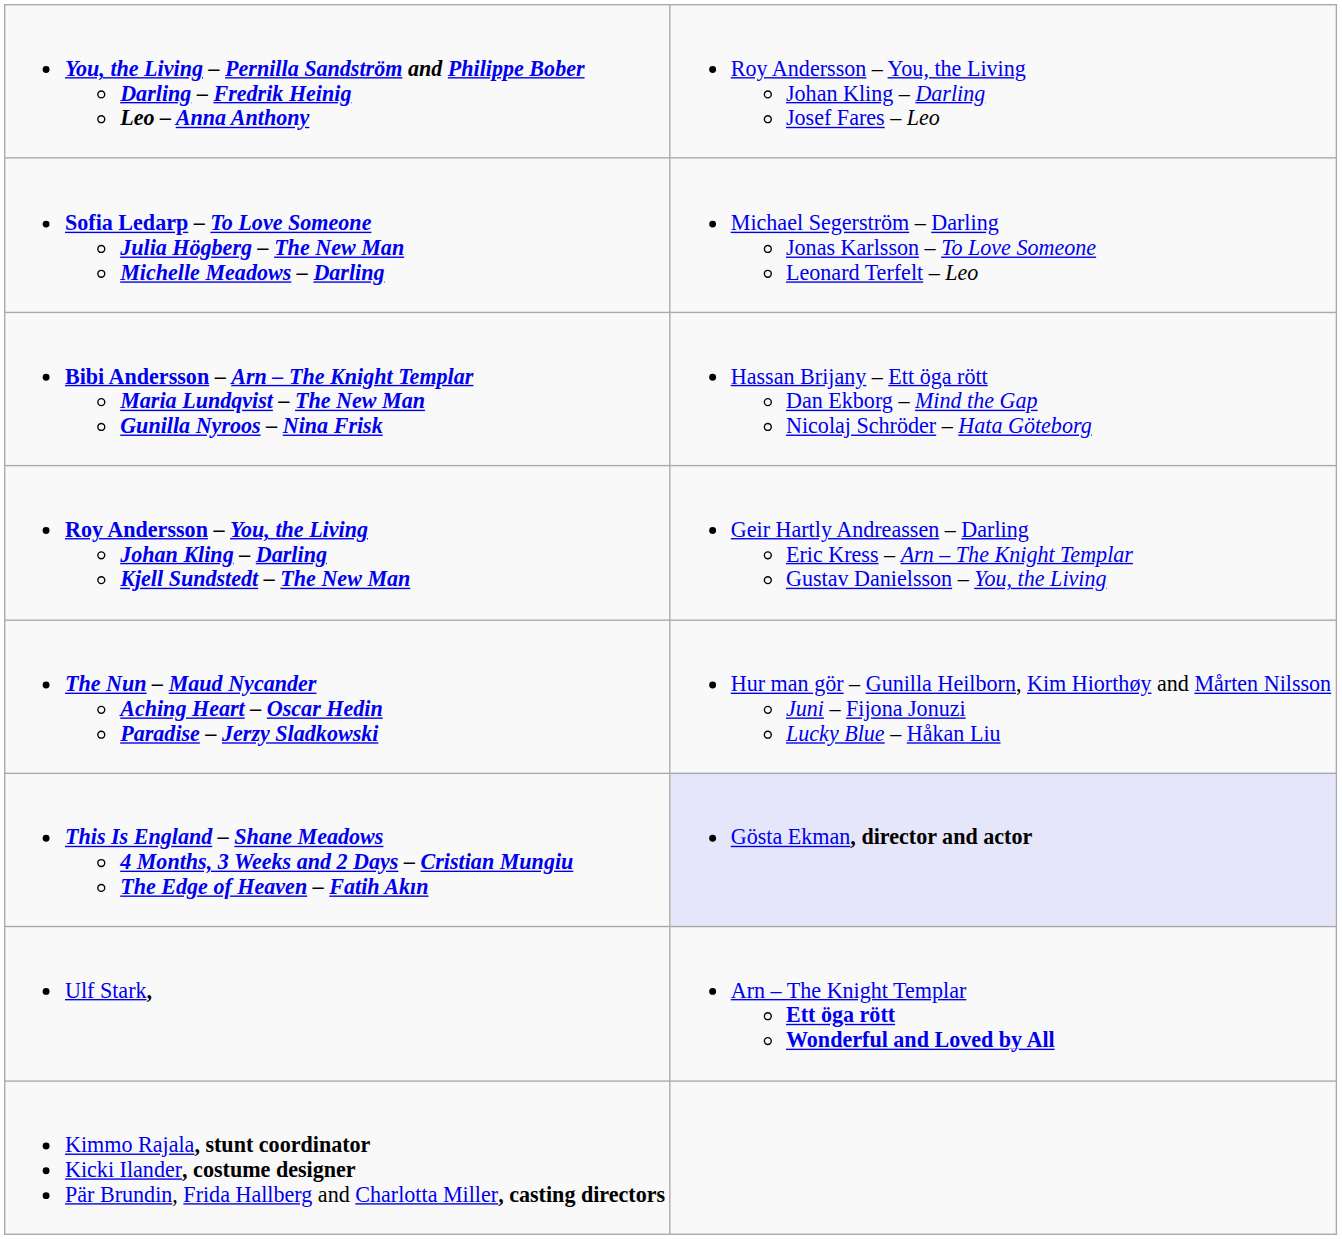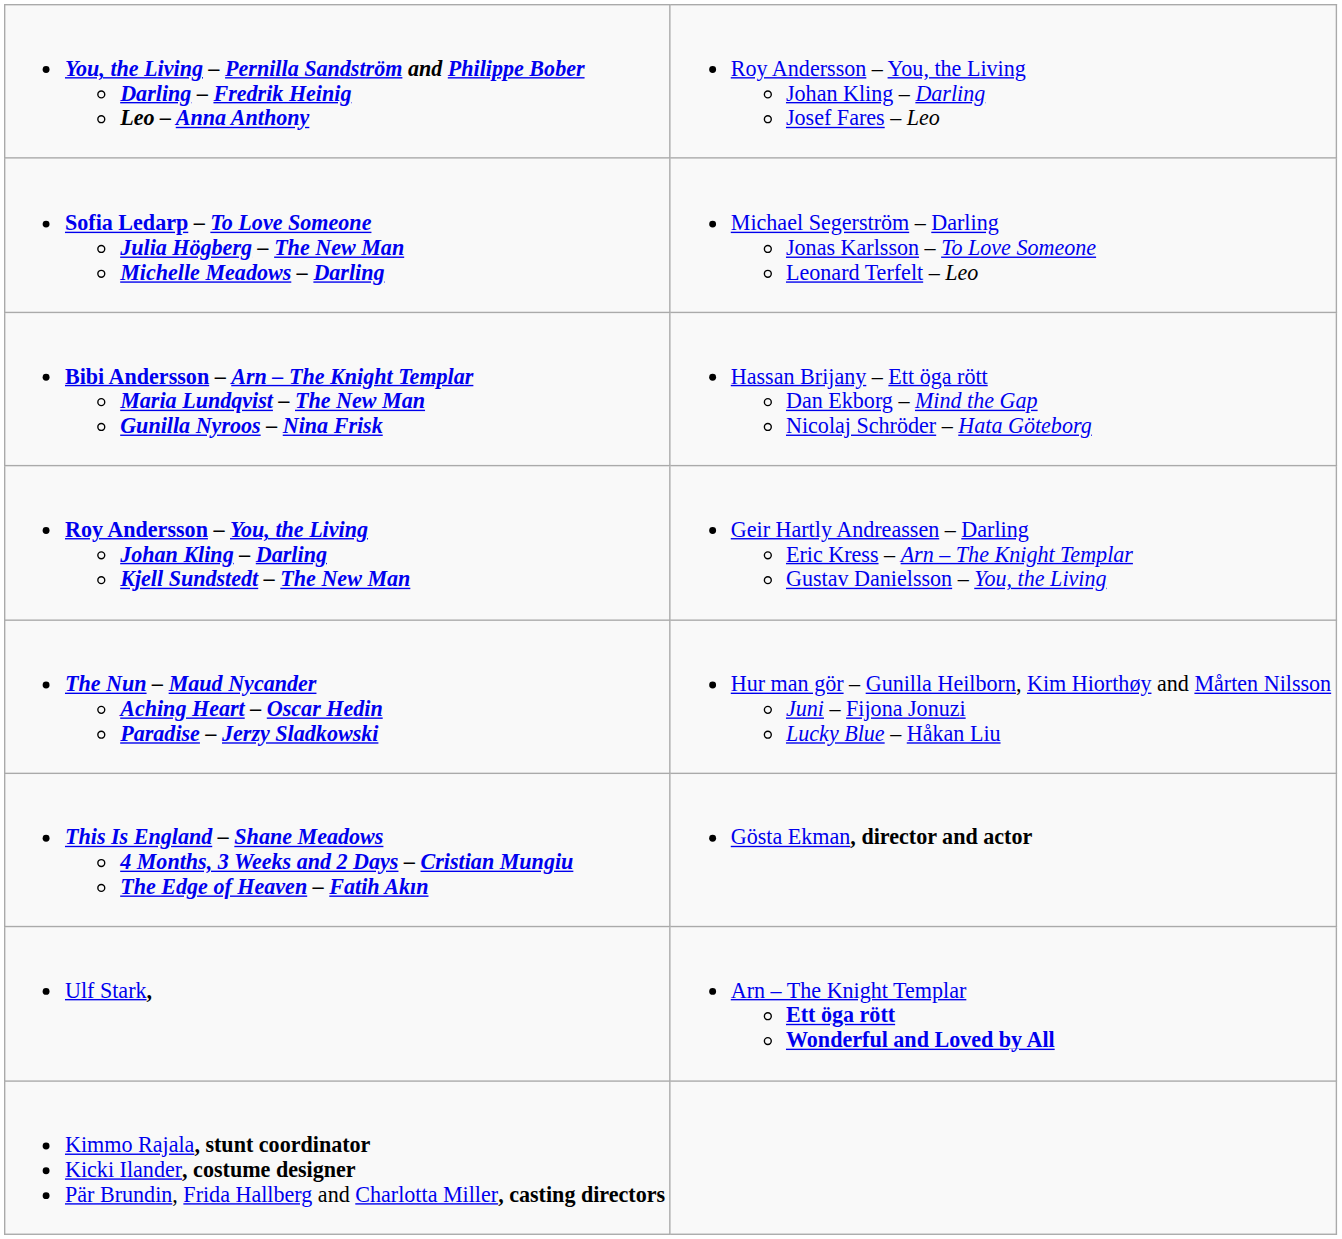 <table class=wikitable style="width="150%">
 <tr>
 <td style="vertical-align:top; width:50%;"><br><ul><li><strong><em><a href='#'>You, the Living</a><em> – <a href='#'>Pernilla Sandström</a> and <a href='#'>Philippe Bober</a><strong><ul><li></em><a href='#'>Darling</a><em> – <a href='#'>Fredrik Heinig</a></li><li></em>Leo<em> – <a href='#'>Anna Anthony</a></li></ul></li></ul></td>
 <td style="vertical-align:top; width:50%;"><br><ul><li></strong><a href='#'>Roy Andersson</a> – </em><a href='#'>You, the Living</a></em></strong><ul><li><a href='#'>Johan Kling</a> – <em><a href='#'>Darling</a></em></li><li><a href='#'>Josef Fares</a> – <em>Leo</em></li></ul></li></ul></td>
 </tr>
 <tr>
 <td style="vertical-align:top; width:50%;"><br><ul><li><strong><a href='#'>Sofia Ledarp</a> – <em><a href='#'>To Love Someone</a><strong><em><ul><li><a href='#'>Julia Högberg</a> – </em><a href='#'>The New Man</a><em></li><li><a href='#'>Michelle Meadows</a> – </em><a href='#'>Darling</a><em></li></ul></li></ul></td>
 <td style="vertical-align:top; width:50%;"><br><ul><li></strong><a href='#'>Michael Segerström</a> – </em><a href='#'>Darling</a></em></strong><ul><li><a href='#'>Jonas Karlsson</a> – <em><a href='#'>To Love Someone</a></em></li><li><a href='#'>Leonard Terfelt</a> – <em>Leo</em></li></ul></li></ul></td>
 </tr>
 <tr>
 <td style="vertical-align:top; width:50%;"><br><ul><li><strong><a href='#'>Bibi Andersson</a> – <em><a href='#'>Arn – The Knight Templar</a><strong><em><ul><li><a href='#'>Maria Lundqvist</a> – </em><a href='#'>The New Man</a><em></li><li><a href='#'>Gunilla Nyroos</a> – </em><a href='#'>Nina Frisk</a><em></li></ul></li></ul></td>
 <td style="vertical-align:top; width:50%;"><br><ul><li></strong><a href='#'>Hassan Brijany</a> – </em><a href='#'>Ett öga rött</a></em></strong><ul><li><a href='#'>Dan Ekborg</a> – <em><a href='#'>Mind the Gap</a></em></li><li><a href='#'>Nicolaj Schröder</a> – <em><a href='#'>Hata Göteborg</a></em></li></ul></li></ul></td>
 </tr>
 <tr>
 <td style="vertical-align:top; width:50%;"><br><ul><li><strong><a href='#'>Roy Andersson</a> – <em><a href='#'>You, the Living</a><strong><em><ul><li><a href='#'>Johan Kling</a> – </em><a href='#'>Darling</a><em></li><li><a href='#'>Kjell Sundstedt</a> – </em><a href='#'>The New Man</a><em></li></ul></li></ul></td>
 <td style="vertical-align:top; width:50%;"><br><ul><li></strong><a href='#'>Geir Hartly Andreassen</a> – </em><a href='#'>Darling</a></em></strong><ul><li><a href='#'>Eric Kress</a> – <em><a href='#'>Arn – The Knight Templar</a></em></li><li><a href='#'>Gustav Danielsson</a> – <em><a href='#'>You, the Living</a></em></li></ul></li></ul></td>
 </tr>
 <tr>
 <td style="vertical-align:top; width:50%;"><br><ul><li><strong><em><a href='#'>The Nun</a><em> – <a href='#'>Maud Nycander</a><strong><ul><li></em><a href='#'>Aching Heart</a><em> – <a href='#'>Oscar Hedin</a></li><li></em><a href='#'>Paradise</a><em> – <a href='#'>Jerzy Sladkowski</a></li></ul></li></ul></td>
 <td style="vertical-align:top; width:50%;"><br><ul><li></em></strong><a href='#'>Hur man gör</a></em> – <a href='#'>Gunilla Heilborn</a>, <a href='#'>Kim Hiorthøy</a> and <a href='#'>Mårten Nilsson</a></strong><ul><li><em><a href='#'>Juni</a></em> – <a href='#'>Fijona Jonuzi</a></li><li><em><a href='#'>Lucky Blue</a></em> – <a href='#'>Håkan Liu</a></li></ul></li></ul></td>
 </tr>
 <tr>
 <td style="vertical-align:top; width:50%;"><br><ul><li> <strong><em><a href='#'>This Is England</a><em> – <a href='#'>Shane Meadows</a><strong><ul><li> </em><a href='#'>4 Months, 3 Weeks and 2 Days</a><em> – <a href='#'>Cristian Mungiu</a></li><li> </em><a href='#'>The Edge of Heaven</a><em> – <a href='#'>Fatih Akın</a></li></ul></li></ul></td>
-<td style="background: lavender; vertical-align:top; width:50%;"><br><ul><li></strong><a href='#'>Gösta Ekman</a><strong>, director and actor</li></ul></td>
+<td style="vertical-align:top; width:50%;"><br><ul><li></strong><a href='#'>Gösta Ekman</a><strong>, director and actor</li></ul></td>
 </tr>
 <tr>
 <td style="vertical-align:top; width:50%;"><br><ul><li></strong><a href='#'>Ulf Stark</a><strong>,</li></ul></td>
 <td style="vertical-align:top; width:50%;"><br><ul><li></em></strong><a href='#'>Arn – The Knight Templar</a><strong><em><ul><li></em><a href='#'>Ett öga rött</a><em></li><li></em><a href='#'>Wonderful and Loved by All</a><em></li></ul></li></ul></td>
 </tr>
 <tr>
 <td style="vertical-align:top; width:50%;"><br><ul><li></strong><a href='#'>Kimmo Rajala</a><strong>, stunt coordinator</li><li></strong><a href='#'>Kicki Ilander</a><strong>, costume designer</li><li></strong><a href='#'>Pär Brundin</a>, <a href='#'>Frida Hallberg</a> and <a href='#'>Charlotta Miller</a><strong>, casting directors</li></ul></td>
 </tr>
 </table>
